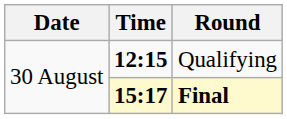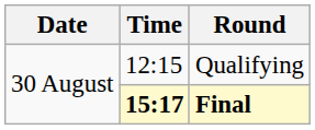 <table class="wikitable">
 <tr>
 <th>Date</th>
 <th>Time</th>
 <th>Round</th>
 </tr>
 <tr>
 <td rowspan=2>30 August</td>
-<td><strong>12:15</strong></td>
+<td>12:15</td>
 <td>Qualifying</td>
 </tr>
 <tr style="background:lemonchiffon">
 <td><strong>15:17</strong></td>
 <td><strong>Final</strong></td>
 </tr>
 </table>
